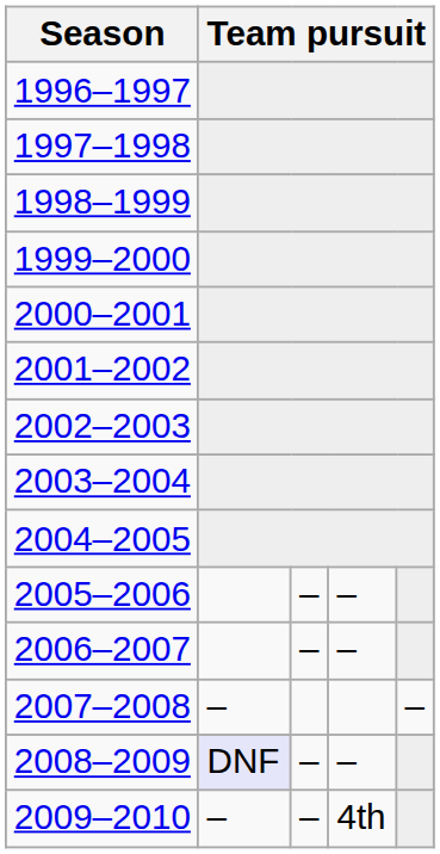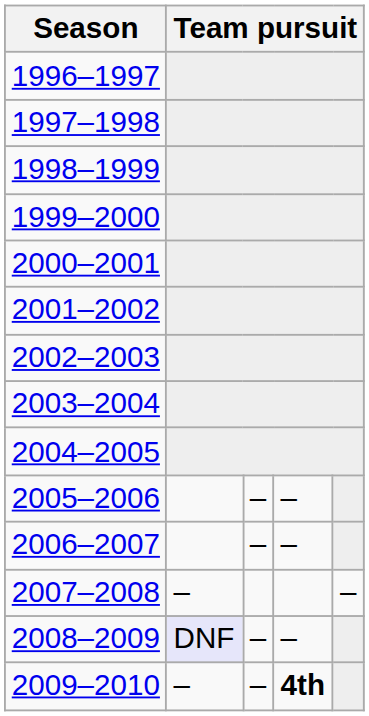 <table class="wikitable" style="display: inline-table;">
 <tr>
 <th>Season</th>
 <th colspan="4">Team pursuit</th>
 </tr>
 <tr>
 <td><a href='#'>1996–1997</a></td>
 <td colspan="4" bgcolor=#EEEEEE></td>
 </tr>
 <tr>
 <td><a href='#'>1997–1998</a></td>
 <td colspan="4" bgcolor=#EEEEEE></td>
 </tr>
 <tr>
 <td><a href='#'>1998–1999</a></td>
 <td colspan="4" bgcolor=#EEEEEE></td>
 </tr>
 <tr>
 <td><a href='#'>1999–2000</a></td>
 <td colspan="4" bgcolor=#EEEEEE></td>
 </tr>
 <tr>
 <td><a href='#'>2000–2001</a></td>
 <td colspan="4" bgcolor=#EEEEEE></td>
 </tr>
 <tr>
 <td><a href='#'>2001–2002</a></td>
 <td colspan="4" bgcolor=#EEEEEE></td>
 </tr>
 <tr>
 <td><a href='#'>2002–2003</a></td>
 <td colspan="4" bgcolor=#EEEEEE></td>
 </tr>
 <tr>
 <td><a href='#'>2003–2004</a></td>
 <td colspan="4" bgcolor=#EEEEEE></td>
 </tr>
 <tr>
 <td><a href='#'>2004–2005</a></td>
 <td colspan="4" bgcolor=#EEEEEE></td>
 </tr>
 <tr>
 <td><a href='#'>2005–2006</a></td>
 <td></td>
 <td>–</td>
 <td>–</td>
 <td colspan="1" bgcolor=#EEEEEE></td>
 </tr>
 <tr>
 <td><a href='#'>2006–2007</a></td>
 <td></td>
 <td>–</td>
 <td>–</td>
 <td colspan="1" bgcolor=#EEEEEE></td>
 </tr>
 <tr>
 <td><a href='#'>2007–2008</a></td>
 <td>–</td>
 <td></td>
 <td></td>
 <td>–</td>
 </tr>
 <tr>
 <td><a href='#'>2008–2009</a></td>
 <td style="background: lavender;">DNF</td>
 <td>–</td>
 <td>–</td>
 <td colspan="1" bgcolor=#EEEEEE></td>
 </tr>
 <tr>
 <td><a href='#'>2009–2010</a></td>
 <td>–</td>
 <td>–</td>
-<td>4th</td>
+<td><strong>4th</strong></td>
 <td colspan="1" bgcolor=#EEEEEE></td>
 </tr>
 </table>
